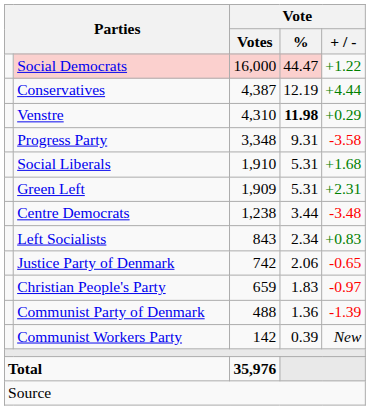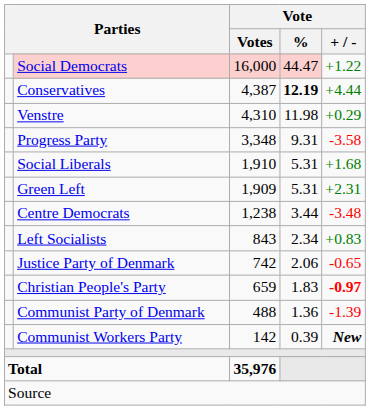 <table class="wikitable" style="text-align:right;">
 <tr>
 <th style="text-align:centre;" rowspan="2" colspan="2" width="225">Parties</th>
 <th colspan="3">Vote</th>
 </tr>
 <tr>
 <th width="15">Votes</th>
 <th width="15">%</th>
 <th width="15">+ / -</th>
 </tr>
 <tr>
 <td width="2" style="color:inherit;background:"></td>
 <td bgcolor=#fbd0ce  align="left"><a href='#'>Social Democrats</a></td>
 <td bgcolor=#fbd0ce>16,000</td>
 <td bgcolor=#fbd0ce>44.47</td>
 <td style=color:green;>+1.22</td>
 </tr>
 <tr>
 <td width="2" style="color:inherit;background:"></td>
 <td align="left"><a href='#'>Conservatives</a></td>
 <td>4,387</td>
-<td>12.19</td>
+<td><strong>12.19</strong></td>
 <td style=color:green;>+4.44</td>
 </tr>
 <tr>
 <td width="2" style="color:inherit;background:"></td>
 <td align="left"><a href='#'>Venstre</a></td>
 <td>4,310</td>
-<td><strong>11.98</strong></td>
+<td>11.98</td>
 <td style=color:green;>+0.29</td>
 </tr>
 <tr>
 <td width="2" style="color:inherit;background:"></td>
 <td align="left"><a href='#'>Progress Party</a></td>
 <td>3,348</td>
 <td>9.31</td>
 <td style=color:red;>-3.58</td>
 </tr>
 <tr>
 <td width="2" style="color:inherit;background:"></td>
 <td align="left"><a href='#'>Social Liberals</a></td>
 <td>1,910</td>
 <td>5.31</td>
 <td style=color:green;>+1.68</td>
 </tr>
 <tr>
 <td width="2" style="color:inherit;background:"></td>
 <td align="left"><a href='#'>Green Left</a></td>
 <td>1,909</td>
 <td>5.31</td>
 <td style=color:green;>+2.31</td>
 </tr>
 <tr>
 <td width="2" style="color:inherit;background:"></td>
 <td align="left"><a href='#'>Centre Democrats</a></td>
 <td>1,238</td>
 <td>3.44</td>
 <td style=color:red;>-3.48</td>
 </tr>
 <tr>
 <td width="2" style="color:inherit;background:"></td>
 <td align="left"><a href='#'>Left Socialists</a></td>
 <td>843</td>
 <td>2.34</td>
 <td style=color:green;>+0.83</td>
 </tr>
 <tr>
 <td width="2" style="color:inherit;background:"></td>
 <td align="left"><a href='#'>Justice Party of Denmark</a></td>
 <td>742</td>
 <td>2.06</td>
 <td style=color:red;>-0.65</td>
 </tr>
 <tr>
 <td width="2" style="color:inherit;background:"></td>
 <td align="left"><a href='#'>Christian People's Party</a></td>
 <td>659</td>
 <td>1.83</td>
-<td style=color:red;>-0.97</td>
+<td style=color:red;><strong>-0.97</strong></td>
 </tr>
 <tr>
 <td width="2" style="color:inherit;background:"></td>
 <td align="left"><a href='#'>Communist Party of Denmark</a></td>
 <td>488</td>
 <td>1.36</td>
 <td style=color:red;>-1.39</td>
 </tr>
 <tr>
 <td width="2" style="color:inherit;background:"></td>
 <td align="left"><a href='#'>Communist Workers Party</a></td>
 <td>142</td>
 <td>0.39</td>
-<td><em>New</em></td>
+<td><strong><em>New</em></strong></td>
 </tr>
 <tr>
 <td colspan="7" bgcolor="#E9E9E9"></td>
 </tr>
 <tr>
 <td align="left" colspan="2"><strong>Total</strong></td>
 <td><strong>35,976</strong></td>
 <td bgcolor="#E9E9E9" colspan="2"></td>
 </tr>
 <tr>
 <td align="left" colspan="6">Source</td>
 </tr>
 </table>
